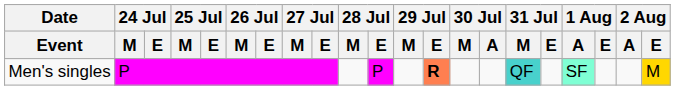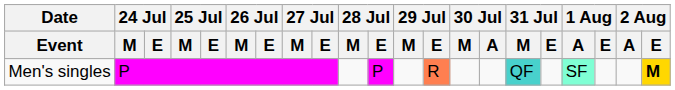 <table class="wikitable olympic-schedule Badminton">
 <tr>
 <th>Date</th>
 <th colspan="2">24 Jul</th>
 <th colspan="2">25 Jul</th>
 <th colspan="2">26 Jul</th>
 <th colspan="2">27 Jul</th>
 <th colspan="2">28 Jul</th>
 <th colspan="2">29 Jul</th>
 <th colspan="2">30 Jul</th>
 <th colspan="2">31 Jul</th>
 <th colspan="2">1 Aug</th>
 <th colspan="2">2 Aug</th>
 </tr>
 <tr>
 <th>Event</th>
 <th>M</th>
 <th>E</th>
 <th>M</th>
 <th>E</th>
 <th>M</th>
 <th>E</th>
 <th>M</th>
 <th>E</th>
 <th>M</th>
 <th>E</th>
 <th>M</th>
 <th>E</th>
 <th>M</th>
 <th>A</th>
 <th>M</th>
 <th>E</th>
 <th>A</th>
 <th>E</th>
 <th>A</th>
 <th>E</th>
 </tr>
 <tr>
 <td class="event">Men's singles</td>
 <td colspan=8 bgcolor="#FF00FF" class="prelims">P</td>
 <td></td>
 <td bgcolor="#FF00FF" class="prelims">P</td>
 <td></td>
-<td bgcolor="#FF7F50" class="roundof16"><strong>R</strong></td>
+<td bgcolor="#FF7F50" class="roundof16">R</td>
 <td></td>
 <td></td>
 <td bgcolor="#48D1CC" class="quarterfinals">QF</td>
 <td></td>
 <td bgcolor="#7FFFD4" class="semifinals">SF</td>
 <td></td>
 <td></td>
-<td bgcolor="gold" class="finals">M</td>
+<td bgcolor="gold" class="finals"><strong>M</strong></td>
 </tr>
 </table>
